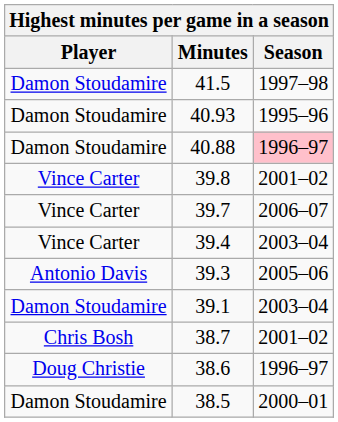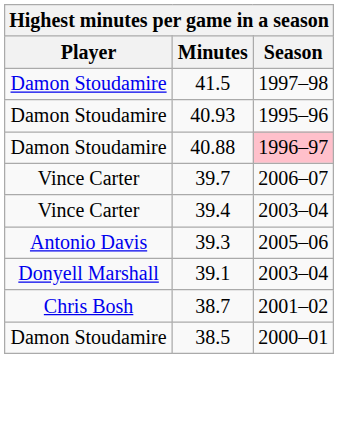 <table class="wikitable sortable" style="text-align:center">
 <tr>
 <th colspan="3">Highest minutes per game in a season</th>
 </tr>
 <tr>
 <th>Player</th>
 <th>Minutes</th>
 <th>Season</th>
 </tr>
 <tr>
 <td><a href='#'>Damon Stoudamire</a></td>
 <td>41.5</td>
 <td>1997–98</td>
 </tr>
 <tr>
 <td>Damon Stoudamire</td>
 <td>40.93</td>
 <td>1995–96</td>
 </tr>
 <tr>
 <td>Damon Stoudamire</td>
 <td>40.88</td>
 <td style="background: pink;">1996–97</td>
 </tr>
 <tr>
-<td><a href='#'>Vince Carter</a></td>
-<td>39.8</td>
-<td>2001–02</td>
-</tr>
-<tr>
 <td>Vince Carter</td>
 <td>39.7</td>
 <td>2006–07</td>
 </tr>
 <tr>
 <td>Vince Carter</td>
 <td>39.4</td>
 <td>2003–04</td>
 </tr>
 <tr>
 <td><a href='#'>Antonio Davis</a></td>
 <td>39.3</td>
 <td>2005–06</td>
 </tr>
 <tr>
-<td><a href='#'>Damon Stoudamire</a></td>
+<td><a href='#'>Donyell Marshall</a></td>
 <td>39.1</td>
 <td>2003–04</td>
 </tr>
 <tr>
 <td><a href='#'>Chris Bosh</a></td>
 <td>38.7</td>
 <td>2001–02</td>
 </tr>
 <tr>
-<td><a href='#'>Doug Christie</a></td>
-<td>38.6</td>
-<td>1996–97</td>
-</tr>
-<tr>
 <td>Damon Stoudamire</td>
 <td>38.5</td>
 <td>2000–01</td>
 </tr>
 </table>
